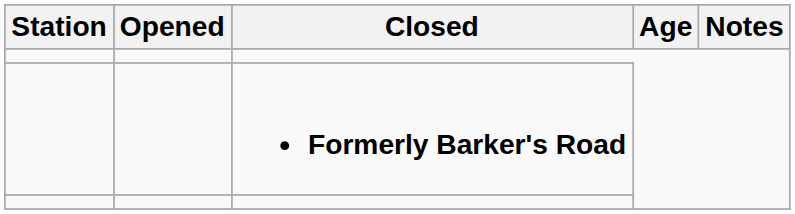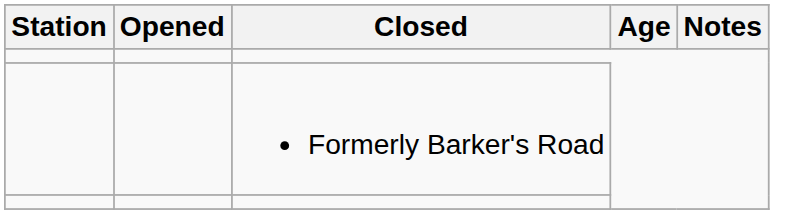 <table class="wikitable sortable">
 <tr>
 <th>Station</th>
 <th>Opened</th>
 <th>Closed</th>
 <th>Age</th>
 <th scope=col class=unsortable>Notes</th>
 </tr>
 <tr>
 <td></td>
 <td></td>
 </tr>
 <tr>
 <td></td>
 <td></td>
-<td><strong><br><ul><li>Formerly Barker's Road</li></ul></strong></td>
+<td><br><ul><li>Formerly Barker's Road</li></ul></td>
 </tr>
 <tr>
 <td></td>
 <td></td>
 <td></td>
 </tr>
 </table>
